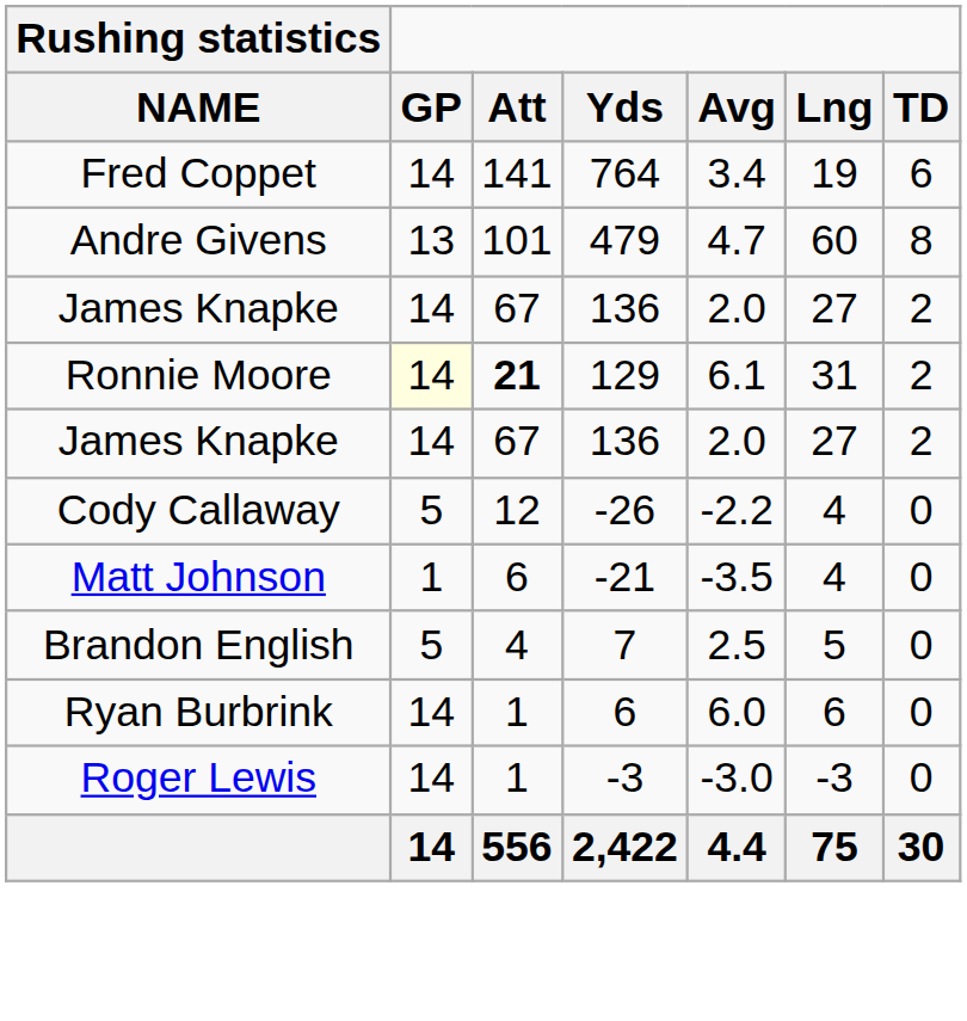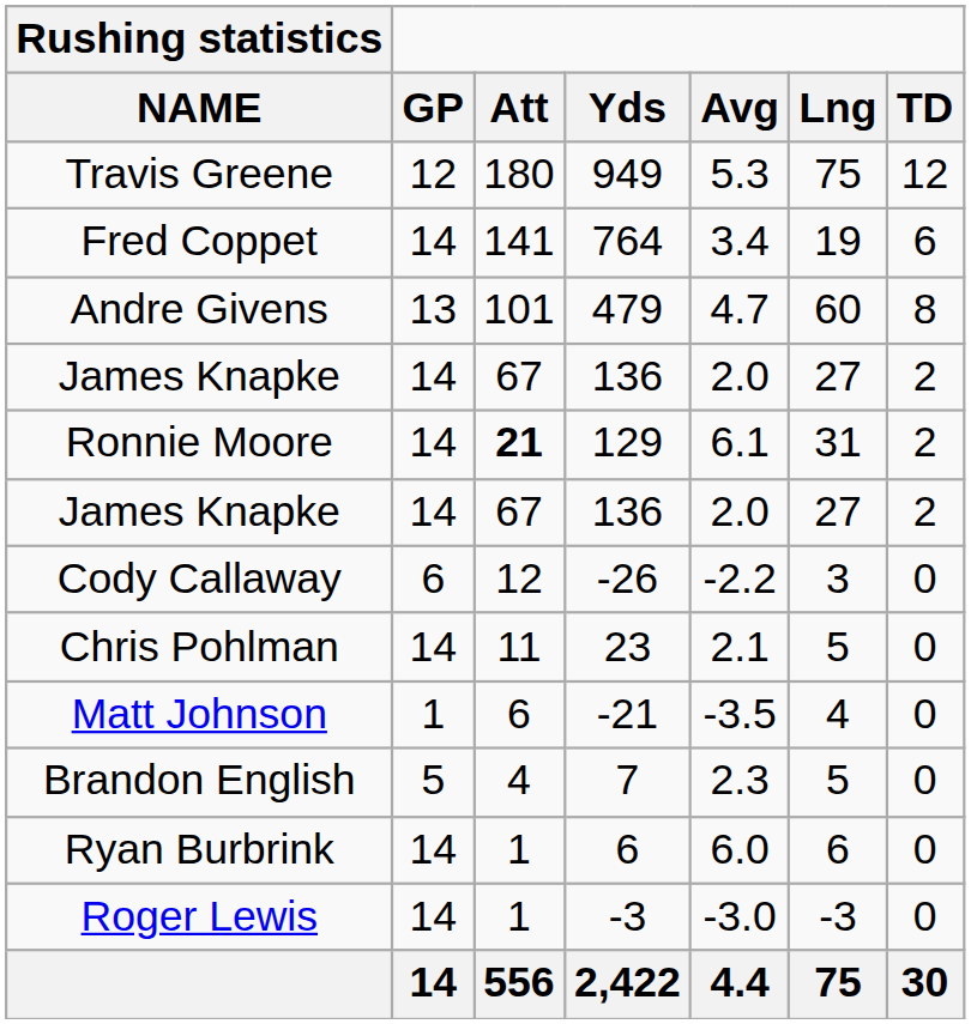 <table class="wikitable" style="text-align:center;">
 <tr>
 <th style="text-align:center; ">Rushing statistics</th>
 </tr>
 <tr>
 <th>NAME</th>
 <th>GP</th>
 <th>Att</th>
 <th>Yds</th>
 <th>Avg</th>
 <th>Lng</th>
 <th>TD</th>
+</tr>
+<tr>
+<td>Travis Greene</td>
+<td>12</td>
+<td>180</td>
+<td>949</td>
+<td>5.3</td>
+<td>75</td>
+<td>12</td>
 </tr>
 <tr>
 <td>Fred Coppet</td>
 <td>14</td>
 <td>141</td>
 <td>764</td>
 <td>3.4</td>
 <td>19</td>
 <td>6</td>
 </tr>
 <tr>
 <td>Andre Givens</td>
 <td>13</td>
 <td>101</td>
 <td>479</td>
 <td>4.7</td>
 <td>60</td>
 <td>8</td>
 </tr>
 <tr>
 <td>James Knapke</td>
 <td>14</td>
 <td>67</td>
 <td>136</td>
 <td>2.0</td>
 <td>27</td>
 <td>2</td>
 </tr>
 <tr>
 <td>Ronnie Moore</td>
-<td style="background: lightyellow;">14</td>
+<td>14</td>
 <td><strong>21</strong></td>
 <td>129</td>
 <td>6.1</td>
 <td>31</td>
 <td>2</td>
 </tr>
 <tr>
 <td>James Knapke</td>
 <td>14</td>
 <td>67</td>
 <td>136</td>
 <td>2.0</td>
 <td>27</td>
 <td>2</td>
 </tr>
 <tr>
 <td>Cody Callaway</td>
-<td>5</td>
+<td>6</td>
 <td>12</td>
 <td>-26</td>
 <td>-2.2</td>
-<td>4</td>
+<td>3</td>
+<td>0</td>
+</tr>
+<tr>
+<td>Chris Pohlman</td>
+<td>14</td>
+<td>11</td>
+<td>23</td>
+<td>2.1</td>
+<td>5</td>
 <td>0</td>
 </tr>
 <tr>
 <td><a href='#'>Matt Johnson</a></td>
 <td>1</td>
 <td>6</td>
 <td>-21</td>
 <td>-3.5</td>
 <td>4</td>
 <td>0</td>
 </tr>
 <tr>
 <td>Brandon English</td>
 <td>5</td>
 <td>4</td>
 <td>7</td>
-<td>2.5</td>
+<td>2.3</td>
 <td>5</td>
 <td>0</td>
 </tr>
 <tr>
 <td>Ryan Burbrink</td>
 <td>14</td>
 <td>1</td>
 <td>6</td>
 <td>6.0</td>
 <td>6</td>
 <td>0</td>
 </tr>
 <tr>
 <td><a href='#'>Roger Lewis</a></td>
 <td>14</td>
 <td>1</td>
 <td>-3</td>
 <td>-3.0</td>
 <td>-3</td>
 <td>0</td>
 </tr>
 <tr>
 <th colspan="1"></th>
 <th>14</th>
 <th>556</th>
 <th>2,422</th>
 <th>4.4</th>
 <th>75</th>
 <th>30</th>
 </tr>
 </table>
